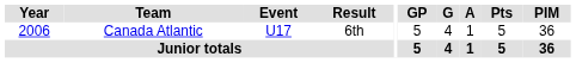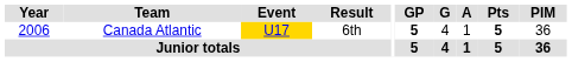 <table border="0" cellpadding="1" cellspacing="0" ID="Table3" style="text-align:center; width:40em">
 <tr ALIGN="center" bgcolor="#e0e0e0">
 <th>Year</th>
 <th>Team</th>
 <th>Event</th>
 <th>Result</th>
 <th rowspan="99" bgcolor="#ffffff"></th>
 <th>GP</th>
 <th>G</th>
 <th>A</th>
 <th>Pts</th>
 <th>PIM</th>
 </tr>
 <tr>
 <td><a href='#'>2006</a></td>
 <td><a href='#'>Canada Atlantic</a></td>
-<td><a href='#'>U17</a></td>
+<td style="background: gold;"><a href='#'>U17</a></td>
 <td>6th</td>
-<td>5</td>
+<td><strong>5</strong></td>
 <td>4</td>
 <td>1</td>
-<td>5</td>
+<td><strong>5</strong></td>
 <td>36</td>
 </tr>
 <tr ALIGN="center" bgcolor="#e0e0e0">
 <th colspan=4>Junior totals</th>
 <th>5</th>
 <th>4</th>
 <th>1</th>
 <th>5</th>
 <th>36</th>
 </tr>
 </table>
